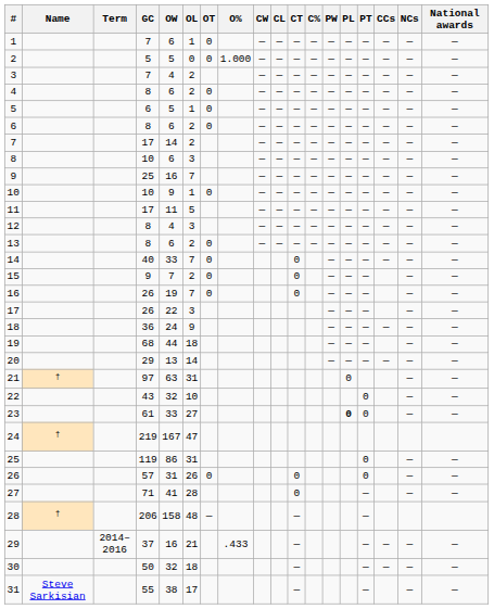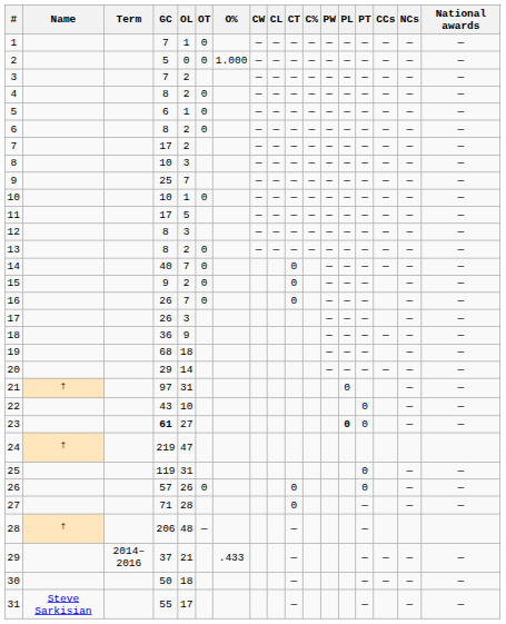 <table class="wikitable sortable">
 <tr>
 <th>#</th>
 <th>Name</th>
 <th>Term</th>
 <th>GC</th>
-<th>OW</th>
 <th>OL</th>
 <th>OT</th>
 <th>O%</th>
 <th>CW</th>
 <th>CL</th>
 <th>CT</th>
 <th>C%</th>
 <th>PW</th>
 <th>PL</th>
 <th>PT</th>
 <th>CCs</th>
 <th>NCs</th>
 <th class="unsortable">National awards</th>
 </tr>
 <tr>
 <td align="center">1</td>
 <td align="center"></td>
 <td align="center"></td>
 <td align="center">7</td>
-<td align="center">6</td>
 <td align="center">1</td>
 <td align="center">0</td>
 <td align="center"></td>
 <td align="center">—</td>
 <td align="center">—</td>
 <td align="center">—</td>
 <td align="center">—</td>
 <td align="center">—</td>
 <td align="center">—</td>
 <td align="center">—</td>
 <td align="center">—</td>
 <td align="center">—</td>
 <td align="center">—</td>
 </tr>
 <tr>
 <td align="center">2</td>
 <td align="center"></td>
 <td align="center"></td>
-<td align="center">5</td>
 <td align="center">5</td>
 <td align="center">0</td>
 <td align="center">0</td>
 <td align="center">1.000</td>
 <td align="center">—</td>
 <td align="center">—</td>
 <td align="center">—</td>
 <td align="center">—</td>
 <td align="center">—</td>
 <td align="center">—</td>
 <td align="center">—</td>
 <td align="center">—</td>
 <td align="center">—</td>
 <td align="center">—</td>
 </tr>
 <tr>
 <td align="center">3</td>
 <td align="center"></td>
 <td align="center"></td>
 <td align="center">7</td>
-<td align="center">4</td>
 <td align="center">2</td>
 <td align="center"></td>
 <td align="center"></td>
 <td align="center">—</td>
 <td align="center">—</td>
 <td align="center">—</td>
 <td align="center">—</td>
 <td align="center">—</td>
 <td align="center">—</td>
 <td align="center">—</td>
 <td align="center">—</td>
 <td align="center">—</td>
 <td align="center">—</td>
 </tr>
 <tr>
 <td align="center">4</td>
 <td align="center"></td>
 <td align="center"></td>
 <td align="center">8</td>
-<td align="center">6</td>
 <td align="center">2</td>
 <td align="center">0</td>
 <td align="center"></td>
 <td align="center">—</td>
 <td align="center">—</td>
 <td align="center">—</td>
 <td align="center">—</td>
 <td align="center">—</td>
 <td align="center">—</td>
 <td align="center">—</td>
 <td align="center">—</td>
 <td align="center">—</td>
 <td align="center">—</td>
 </tr>
 <tr>
 <td align="center">5</td>
 <td align="center"></td>
 <td align="center"></td>
 <td align="center">6</td>
-<td align="center">5</td>
 <td align="center">1</td>
 <td align="center">0</td>
 <td align="center"></td>
 <td align="center">—</td>
 <td align="center">—</td>
 <td align="center">—</td>
 <td align="center">—</td>
 <td align="center">—</td>
 <td align="center">—</td>
 <td align="center">—</td>
 <td align="center">—</td>
 <td align="center">—</td>
 <td align="center">—</td>
 </tr>
 <tr>
 <td align="center">6</td>
 <td align="center"></td>
 <td align="center"></td>
 <td align="center">8</td>
-<td align="center">6</td>
 <td align="center">2</td>
 <td align="center">0</td>
 <td align="center"></td>
 <td align="center">—</td>
 <td align="center">—</td>
 <td align="center">—</td>
 <td align="center">—</td>
 <td align="center">—</td>
 <td align="center">—</td>
 <td align="center">—</td>
 <td align="center">—</td>
 <td align="center">—</td>
 <td align="center">—</td>
 </tr>
 <tr>
 <td align="center">7</td>
 <td align="center"></td>
 <td align="center"></td>
 <td align="center">17</td>
-<td align="center">14</td>
 <td align="center">2</td>
 <td align="center"></td>
 <td align="center"></td>
 <td align="center">—</td>
 <td align="center">—</td>
 <td align="center">—</td>
 <td align="center">—</td>
 <td align="center">—</td>
 <td align="center">—</td>
 <td align="center">—</td>
 <td align="center">—</td>
 <td align="center">—</td>
 <td align="center">—</td>
 </tr>
 <tr>
 <td align="center">8</td>
 <td align="center"></td>
 <td align="center"></td>
 <td align="center">10</td>
-<td align="center">6</td>
 <td align="center">3</td>
 <td align="center"></td>
 <td align="center"></td>
 <td align="center">—</td>
 <td align="center">—</td>
 <td align="center">—</td>
 <td align="center">—</td>
 <td align="center">—</td>
 <td align="center">—</td>
 <td align="center">—</td>
 <td align="center">—</td>
 <td align="center">—</td>
 <td align="center">—</td>
 </tr>
 <tr>
 <td align="center">9</td>
 <td align="center"></td>
 <td align="center"></td>
 <td align="center">25</td>
-<td align="center">16</td>
 <td align="center">7</td>
 <td align="center"></td>
 <td align="center"></td>
 <td align="center">—</td>
 <td align="center">—</td>
 <td align="center">—</td>
 <td align="center">—</td>
 <td align="center">—</td>
 <td align="center">—</td>
 <td align="center">—</td>
 <td align="center">—</td>
 <td align="center">—</td>
 <td align="center">—</td>
 </tr>
 <tr>
 <td align="center">10</td>
 <td align="center"></td>
 <td align="center"></td>
 <td align="center">10</td>
-<td align="center">9</td>
 <td align="center">1</td>
 <td align="center">0</td>
 <td align="center"></td>
 <td align="center">—</td>
 <td align="center">—</td>
 <td align="center">—</td>
 <td align="center">—</td>
 <td align="center">—</td>
 <td align="center">—</td>
 <td align="center">—</td>
 <td align="center">—</td>
 <td align="center">—</td>
 <td align="center">—</td>
 </tr>
 <tr>
 <td align="center">11</td>
 <td align="center"></td>
 <td align="center"></td>
 <td align="center">17</td>
-<td align="center">11</td>
 <td align="center">5</td>
 <td align="center"></td>
 <td align="center"></td>
 <td align="center">—</td>
 <td align="center">—</td>
 <td align="center">—</td>
 <td align="center">—</td>
 <td align="center">—</td>
 <td align="center">—</td>
 <td align="center">—</td>
 <td align="center">—</td>
 <td align="center">—</td>
 <td align="center">—</td>
 </tr>
 <tr>
 <td align="center">12</td>
 <td align="center"></td>
 <td align="center"></td>
 <td align="center">8</td>
-<td align="center">4</td>
 <td align="center">3</td>
 <td align="center"></td>
 <td align="center"></td>
 <td align="center">—</td>
 <td align="center">—</td>
 <td align="center">—</td>
 <td align="center">—</td>
 <td align="center">—</td>
 <td align="center">—</td>
 <td align="center">—</td>
 <td align="center">—</td>
 <td align="center">—</td>
 <td align="center">—</td>
 </tr>
 <tr>
 <td align="center">13</td>
 <td align="center"></td>
 <td align="center"></td>
 <td align="center">8</td>
-<td align="center">6</td>
 <td align="center">2</td>
 <td align="center">0</td>
 <td align="center"></td>
 <td align="center">—</td>
 <td align="center">—</td>
 <td align="center">—</td>
 <td align="center">—</td>
 <td align="center">—</td>
 <td align="center">—</td>
 <td align="center">—</td>
 <td align="center">—</td>
 <td align="center">—</td>
 <td align="center">—</td>
 </tr>
 <tr>
 <td align="center">14</td>
 <td align="center"></td>
 <td align="center"></td>
 <td align="center">40</td>
-<td align="center">33</td>
 <td align="center">7</td>
 <td align="center">0</td>
 <td align="center"></td>
 <td align="center"></td>
 <td align="center"></td>
 <td align="center">0</td>
 <td align="center"></td>
 <td align="center">—</td>
 <td align="center">—</td>
 <td align="center">—</td>
 <td align="center">—</td>
 <td align="center">—</td>
 <td align="center">—</td>
 </tr>
 <tr>
 <td align="center">15</td>
 <td align="center"></td>
 <td align="center"></td>
 <td align="center">9</td>
-<td align="center">7</td>
 <td align="center">2</td>
 <td align="center">0</td>
 <td align="center"></td>
 <td align="center"></td>
 <td align="center"></td>
 <td align="center">0</td>
 <td align="center"></td>
 <td align="center">—</td>
 <td align="center">—</td>
 <td align="center">—</td>
 <td align="center"></td>
 <td align="center">—</td>
 <td align="center">—</td>
 </tr>
 <tr>
 <td align="center">16</td>
 <td align="center"></td>
 <td align="center"></td>
 <td align="center">26</td>
-<td align="center">19</td>
 <td align="center">7</td>
 <td align="center">0</td>
 <td align="center"></td>
 <td align="center"></td>
 <td align="center"></td>
 <td align="center">0</td>
 <td align="center"></td>
 <td align="center">—</td>
 <td align="center">—</td>
 <td align="center">—</td>
 <td align="center"></td>
 <td align="center">—</td>
 <td align="center">—</td>
 </tr>
 <tr>
 <td align="center">17</td>
 <td align="center"></td>
 <td align="center"></td>
 <td align="center">26</td>
-<td align="center">22</td>
 <td align="center">3</td>
 <td align="center"></td>
 <td align="center"></td>
 <td align="center"></td>
 <td align="center"></td>
 <td align="center"></td>
 <td align="center"></td>
 <td align="center">—</td>
 <td align="center">—</td>
 <td align="center">—</td>
 <td align="center"></td>
 <td align="center">—</td>
 <td align="center">—</td>
 </tr>
 <tr>
 <td align="center">18</td>
 <td align="center"></td>
 <td align="center"></td>
 <td align="center">36</td>
-<td align="center">24</td>
 <td align="center">9</td>
 <td align="center"></td>
 <td align="center"></td>
 <td align="center"></td>
 <td align="center"></td>
 <td align="center"></td>
 <td align="center"></td>
 <td align="center">—</td>
 <td align="center">—</td>
 <td align="center">—</td>
 <td align="center">—</td>
 <td align="center">—</td>
 <td align="center">—</td>
 </tr>
 <tr>
 <td align="center">19</td>
 <td align="center"></td>
 <td align="center"></td>
 <td align="center">68</td>
-<td align="center">44</td>
 <td align="center">18</td>
 <td align="center"></td>
 <td align="center"></td>
 <td align="center"></td>
 <td align="center"></td>
 <td align="center"></td>
 <td align="center"></td>
 <td align="center">—</td>
 <td align="center">—</td>
 <td align="center">—</td>
 <td align="center"></td>
 <td align="center">—</td>
 <td align="center">—</td>
 </tr>
 <tr>
 <td align="center">20</td>
 <td align="center"></td>
 <td align="center"></td>
 <td align="center">29</td>
-<td align="center">13</td>
 <td align="center">14</td>
 <td align="center"></td>
 <td align="center"></td>
 <td align="center"></td>
 <td align="center"></td>
 <td align="center"></td>
 <td align="center"></td>
 <td align="center">—</td>
 <td align="center">—</td>
 <td align="center">—</td>
 <td align="center">—</td>
 <td align="center">—</td>
 <td align="center">—</td>
 </tr>
 <tr>
 <td align="center">21</td>
 <td align="center" bgcolor="#FFE6BD"><sup>†</sup></td>
 <td align="center"></td>
 <td align="center">97</td>
-<td align="center">63</td>
 <td align="center">31</td>
 <td align="center"></td>
 <td align="center"></td>
 <td align="center"></td>
 <td align="center"></td>
 <td align="center"></td>
 <td align="center"></td>
 <td align="center"></td>
 <td align="center">0</td>
 <td align="center"></td>
 <td align="center"></td>
 <td align="center">—</td>
 <td align="center">—</td>
 </tr>
 <tr>
 <td align="center">22</td>
 <td align="center"></td>
 <td align="center"></td>
 <td align="center">43</td>
-<td align="center">32</td>
 <td align="center">10</td>
 <td align="center"></td>
 <td align="center"></td>
 <td align="center"></td>
 <td align="center"></td>
 <td align="center"></td>
 <td align="center"></td>
 <td align="center"></td>
 <td align="center"></td>
 <td align="center">0</td>
 <td align="center"></td>
 <td align="center">—</td>
 <td align="center">—</td>
 </tr>
 <tr>
 <td align="center">23</td>
 <td align="center"></td>
 <td align="center"></td>
-<td align="center">61</td>
-<td align="center">33</td>
+<td align="center"><strong>61</strong></td>
 <td align="center">27</td>
 <td align="center"></td>
 <td align="center"></td>
 <td align="center"></td>
 <td align="center"></td>
 <td align="center"></td>
 <td align="center"></td>
 <td align="center"></td>
 <td align="center"><strong>0</strong></td>
 <td align="center">0</td>
 <td align="center"></td>
 <td align="center">—</td>
 <td align="center">—</td>
 </tr>
 <tr>
 <td align="center">24</td>
 <td align="center" bgcolor="#FFE6BD"><sup>†</sup></td>
 <td align="center"></td>
 <td align="center">219</td>
-<td align="center">167</td>
 <td align="center">47</td>
 <td align="center"></td>
 <td align="center"></td>
 <td align="center"></td>
 <td align="center"></td>
 <td align="center"></td>
 <td align="center"></td>
 <td align="center"></td>
 <td align="center"></td>
 <td align="center"></td>
 <td align="center"></td>
 <td align="center"></td>
 <td><br><br> </td>
 </tr>
 <tr>
 <td align="center">25</td>
 <td align="center"></td>
 <td align="center"></td>
 <td align="center">119</td>
-<td align="center">86</td>
 <td align="center">31</td>
 <td align="center"></td>
 <td align="center"></td>
 <td align="center"></td>
 <td align="center"></td>
 <td align="center"></td>
 <td align="center"></td>
 <td align="center"></td>
 <td align="center"></td>
 <td align="center">0</td>
 <td align="center"></td>
 <td align="center">—</td>
 <td align="center">—</td>
 </tr>
 <tr>
 <td align="center">26</td>
 <td align="center"></td>
 <td align="center"></td>
 <td align="center">57</td>
-<td align="center">31</td>
 <td align="center">26</td>
 <td align="center">0</td>
 <td align="center"></td>
 <td align="center"></td>
 <td align="center"></td>
 <td align="center">0</td>
 <td align="center"></td>
 <td align="center"></td>
 <td align="center"></td>
 <td align="center">0</td>
 <td align="center"></td>
 <td align="center">—</td>
 <td align="center">—</td>
 </tr>
 <tr>
 <td align="center">27</td>
 <td align="center"></td>
 <td align="center"></td>
 <td align="center">71</td>
-<td align="center">41</td>
 <td align="center">28</td>
 <td align="center"></td>
 <td align="center"></td>
 <td align="center"></td>
 <td align="center"></td>
 <td align="center">0</td>
 <td align="center"></td>
 <td align="center"></td>
 <td align="center"></td>
 <td align="center">—</td>
 <td align="center"></td>
 <td align="center">—</td>
 <td align="center">—</td>
 </tr>
 <tr>
 <td align="center">28</td>
 <td align="center" bgcolor="#FFE6BD"><sup>†</sup></td>
 <td align="center"></td>
 <td align="center">206</td>
-<td align="center">158</td>
 <td align="center">48</td>
 <td align="center">—</td>
 <td align="center"></td>
 <td align="center"></td>
 <td align="center"></td>
 <td align="center">—</td>
 <td align="center"></td>
 <td align="center"></td>
 <td align="center"></td>
 <td align="center">—</td>
 <td align="center"></td>
 <td align="center"></td>
 <td><br><br> </td>
 </tr>
 <tr>
 <td align="center">29</td>
 <td align="center"></td>
 <td align="center">2014–2016</td>
 <td align="center">37</td>
-<td align="center">16</td>
 <td align="center">21</td>
 <td align="center"></td>
 <td align="center">.433</td>
 <td align="center"></td>
 <td align="center"></td>
 <td align="center">—</td>
 <td align="center"></td>
 <td align="center"></td>
 <td align="center"></td>
 <td align="center">—</td>
 <td align="center">—</td>
 <td align="center">—</td>
 <td align="center">—</td>
 </tr>
 <tr>
 <td align="center">30</td>
 <td align="center"></td>
 <td align="center"></td>
 <td align="center">50</td>
-<td align="center">32</td>
 <td align="center">18</td>
 <td align="center"></td>
 <td align="center"></td>
 <td align="center"></td>
 <td align="center"></td>
 <td align="center">—</td>
 <td align="center"></td>
 <td align="center"></td>
 <td align="center"></td>
 <td align="center">—</td>
 <td align="center">—</td>
 <td align="center">—</td>
 <td align="center">—</td>
 </tr>
 <tr>
 <td align="center">31</td>
 <td align="center"><a href='#'>Steve Sarkisian</a></td>
 <td align="center"></td>
 <td align="center">55</td>
-<td align="center">38</td>
 <td align="center">17</td>
 <td align="center"></td>
 <td align="center"></td>
 <td align="center"></td>
 <td align="center"></td>
 <td align="center">—</td>
 <td align="center"></td>
 <td align="center"></td>
 <td align="center"></td>
 <td align="center">—</td>
 <td align="center"></td>
 <td align="center">—</td>
 <td align="center">—</td>
 </tr>
 </table>
